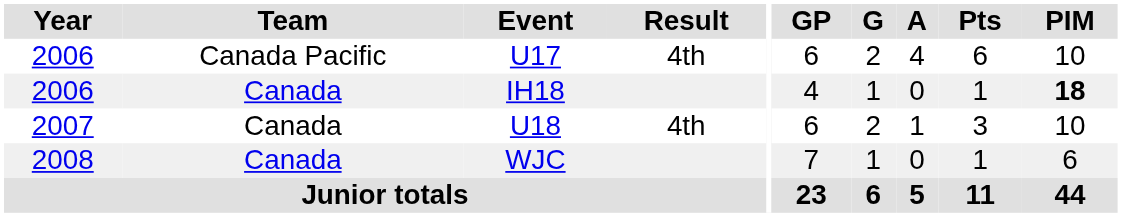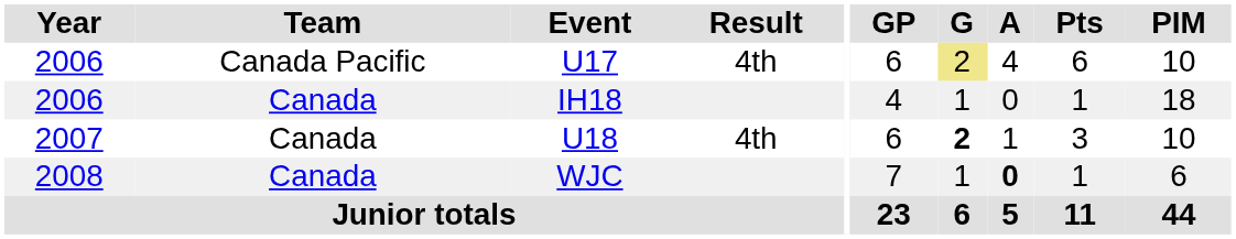 <table border="0" cellpadding="1" cellspacing="0" ID="Table3" style="text-align:center; width:40em">
 <tr bgcolor="#e0e0e0">
 <th>Year</th>
 <th>Team</th>
 <th>Event</th>
 <th>Result</th>
 <th rowspan="99" bgcolor="#ffffff"></th>
 <th>GP</th>
 <th>G</th>
 <th>A</th>
 <th>Pts</th>
 <th>PIM</th>
 </tr>
 <tr>
 <td><a href='#'>2006</a></td>
 <td>Canada Pacific</td>
 <td><a href='#'>U17</a></td>
 <td>4th</td>
 <td>6</td>
-<td>2</td>
+<td style="background: khaki;">2</td>
 <td>4</td>
 <td>6</td>
 <td>10</td>
 </tr>
 <tr bgcolor="#f0f0f0">
 <td><a href='#'>2006</a></td>
 <td><a href='#'>Canada</a></td>
 <td><a href='#'>IH18</a></td>
 <td></td>
 <td>4</td>
 <td>1</td>
 <td>0</td>
 <td>1</td>
-<td><strong>18</strong></td>
+<td>18</td>
 </tr>
 <tr>
 <td><a href='#'>2007</a></td>
 <td>Canada</td>
 <td><a href='#'>U18</a></td>
 <td>4th</td>
 <td>6</td>
-<td>2</td>
+<td><strong>2</strong></td>
 <td>1</td>
 <td>3</td>
 <td>10</td>
 </tr>
 <tr bgcolor="#f0f0f0">
 <td><a href='#'>2008</a></td>
 <td><a href='#'>Canada</a></td>
 <td><a href='#'>WJC</a></td>
 <td></td>
 <td>7</td>
 <td>1</td>
-<td>0</td>
+<td><strong>0</strong></td>
 <td>1</td>
 <td>6</td>
 </tr>
 <tr bgcolor="#e0e0e0">
 <th colspan="4">Junior totals</th>
 <th>23</th>
 <th>6</th>
 <th>5</th>
 <th>11</th>
 <th>44</th>
 </tr>
 </table>
